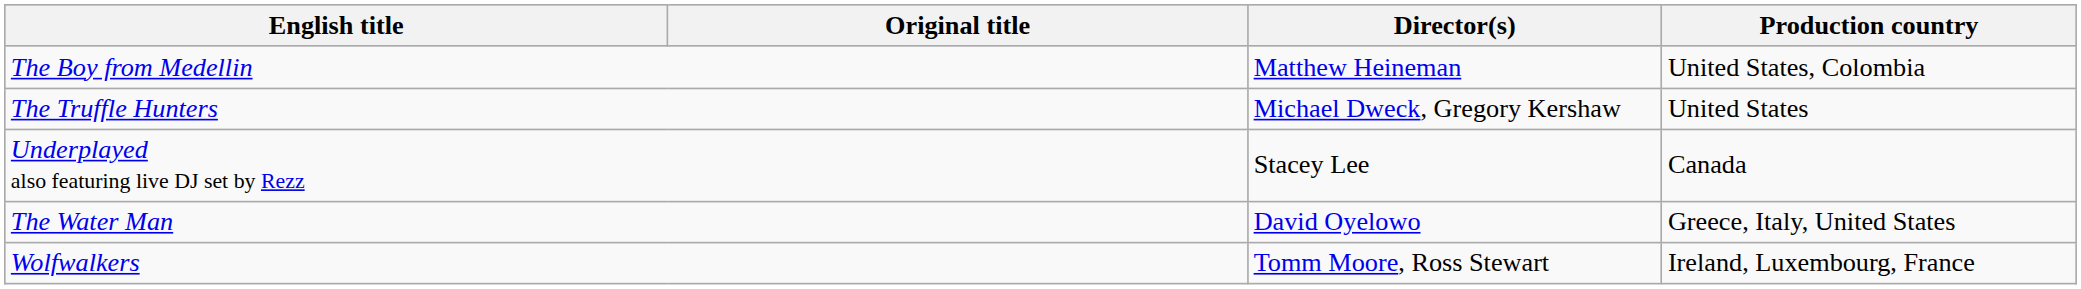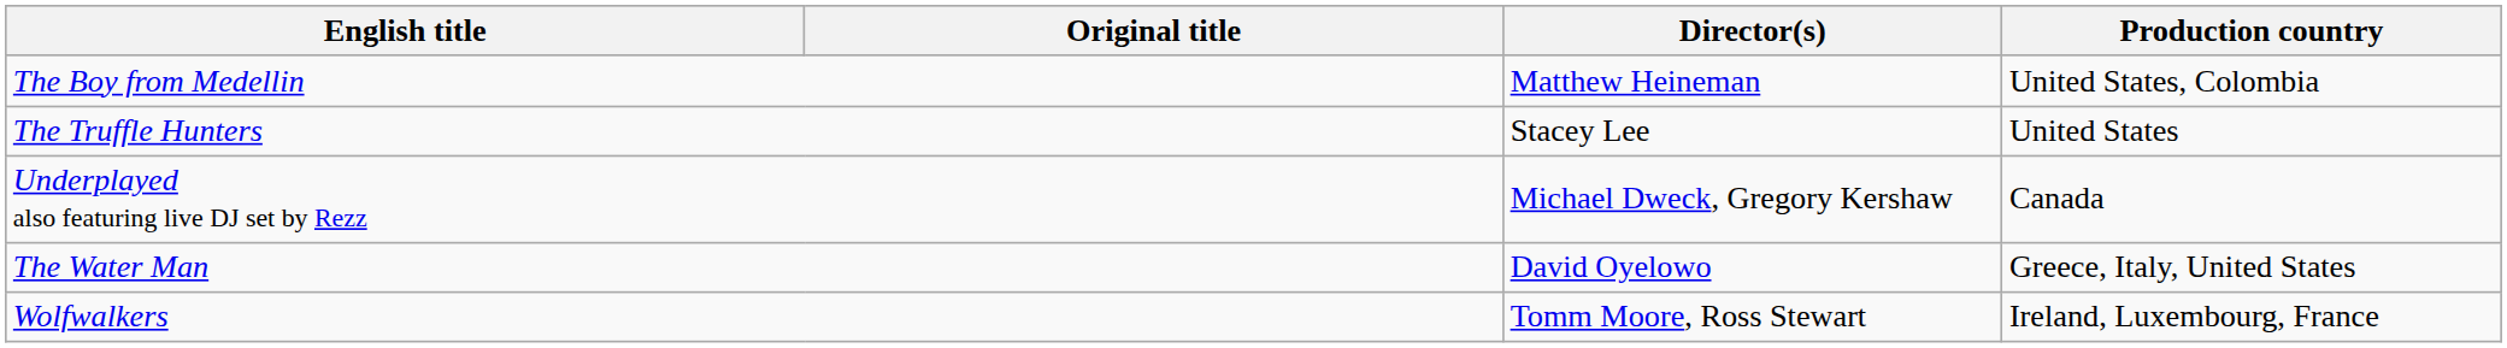 <table class="wikitable" width=100%>
 <tr>
 <th scope="col" width="32%">English title</th>
 <th scope="col" width="28%">Original title</th>
 <th scope="col" width="20%">Director(s)</th>
 <th scope="col" width="20%">Production country</th>
 </tr>
 <tr>
 <td colspan=2><em><a href='#'>The Boy from Medellin</a></em></td>
 <td><a href='#'>Matthew Heineman</a></td>
 <td>United States, Colombia</td>
 </tr>
 <tr>
 <td colspan=2><em><a href='#'>The Truffle Hunters</a></em></td>
-<td><a href='#'>Michael Dweck</a>, Gregory Kershaw</td>
+<td>Stacey Lee</td>
 <td>United States</td>
 </tr>
 <tr>
 <td colspan=2><em><a href='#'>Underplayed</a></em><br><small>also featuring live DJ set by <a href='#'>Rezz</a></small></td>
-<td>Stacey Lee</td>
+<td><a href='#'>Michael Dweck</a>, Gregory Kershaw</td>
 <td>Canada</td>
 </tr>
 <tr>
 <td colspan=2><em><a href='#'>The Water Man</a></em></td>
 <td><a href='#'>David Oyelowo</a></td>
 <td>Greece, Italy, United States</td>
 </tr>
 <tr>
 <td colspan=2><em><a href='#'>Wolfwalkers</a></em></td>
 <td><a href='#'>Tomm Moore</a>, Ross Stewart</td>
 <td>Ireland, Luxembourg, France</td>
 </tr>
 </table>
